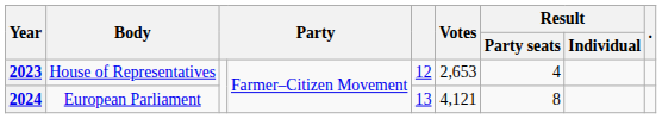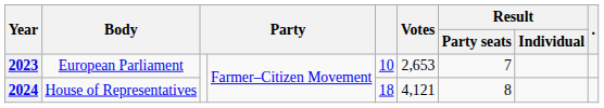 <table class="wikitable plainrowheaders sortable" border=2 cellpadding=4 cellspacing=0 style="border: 1px #aaa solid; font-size: 90%; text-align:center;">
 <tr>
 <th scope="col" rowspan=2>Year</th>
 <th scope="col" rowspan=2>Body</th>
 <th scope="col" colspan=2 rowspan=2>Party</th>
 <th scope="col" rowspan=2></th>
 <th scope="col" rowspan=2>Votes</th>
 <th scope="colgroup" colspan=2>Result</th>
 <th scope="col" rowspan=2 class="unsortable">.</th>
 </tr>
 <tr>
 <th scope="col">Party seats</th>
 <th scope="col">Individual</th>
 </tr>
 <tr>
 <th scope="row"><a href='#'>2023</a></th>
-<td><a href='#'>House of Representatives</a></td>
+<td><a href='#'>European Parliament</a></td>
 <td rowspan=2 style="background-color:"></td>
 <td rowspan=2><a href='#'>Farmer–Citizen Movement</a></td>
-<td style=text-align:right><a href='#'>12</a></td>
+<td style=text-align:right><a href='#'>10</a></td>
 <td style=text-align:right>2,653</td>
-<td style=text-align:right>4</td>
+<td style=text-align:right>7</td>
 <td></td>
 <td></td>
 </tr>
 <tr>
 <th scope="row"><a href='#'>2024</a></th>
-<td><a href='#'>European Parliament</a></td>
-<td style=text-align:right><a href='#'>13</a></td>
+<td><a href='#'>House of Representatives</a></td>
+<td style=text-align:right><a href='#'>18</a></td>
 <td style=text-align:right>4,121</td>
 <td style=text-align:right>8</td>
 <td></td>
 <td></td>
 </tr>
 </table>
